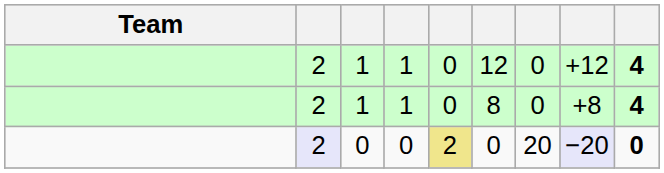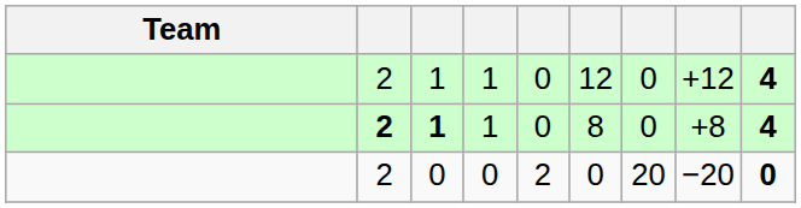 <table class="wikitable" style="text-align: center;">
 <tr>
 <th width="175">Team</th>
 <th width="20"></th>
 <th width="20"></th>
 <th width="20"></th>
 <th width="20"></th>
 <th width="20"></th>
 <th width="20"></th>
 <th width="20"></th>
 <th width="20"></th>
 </tr>
 <tr bgcolor=ccffcc>
 <td style="text-align:left;"></td>
 <td>2</td>
 <td>1</td>
 <td>1</td>
 <td>0</td>
 <td>12</td>
 <td>0</td>
 <td>+12</td>
 <td><strong>4</strong></td>
 </tr>
 <tr bgcolor=ccffcc>
 <td style="text-align:left;"></td>
-<td>2</td>
-<td>1</td>
+<td><strong>2</strong></td>
+<td><strong>1</strong></td>
 <td>1</td>
 <td>0</td>
 <td>8</td>
 <td>0</td>
 <td>+8</td>
 <td><strong>4</strong></td>
 </tr>
 <tr>
 <td style="text-align:left;"></td>
-<td style="background: lavender;">2</td>
+<td>2</td>
 <td>0</td>
 <td>0</td>
-<td style="background: khaki;">2</td>
+<td>2</td>
 <td>0</td>
 <td>20</td>
-<td style="background: lavender;">−20</td>
+<td>−20</td>
 <td><strong>0</strong></td>
 </tr>
 </table>
